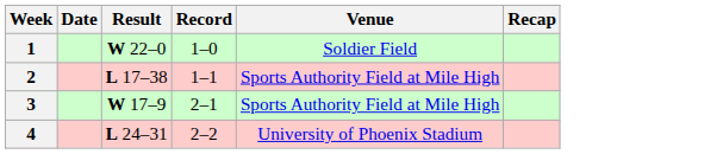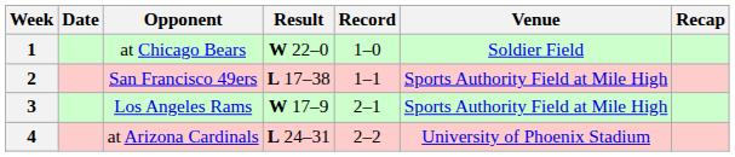 <table class="wikitable" style="text-align:center">
 <tr>
 <th>Week</th>
 <th>Date</th>
+<th>Opponent</th>
 <th>Result</th>
 <th>Record</th>
 <th>Venue</th>
 <th>Recap</th>
 </tr>
 <tr style="background:#cfc">
 <th>1</th>
 <td></td>
+<td>at <a href='#'>Chicago Bears</a></td>
 <td><strong>W</strong> 22–0</td>
 <td>1–0</td>
 <td><a href='#'>Soldier Field</a></td>
 <td></td>
 </tr>
 <tr style="background:#fcc">
 <th>2</th>
 <td></td>
+<td><a href='#'>San Francisco 49ers</a></td>
 <td><strong>L</strong> 17–38</td>
 <td>1–1</td>
 <td><a href='#'>Sports Authority Field at Mile High</a></td>
 <td></td>
 </tr>
 <tr style="background:#cfc">
 <th>3</th>
 <td></td>
+<td><a href='#'>Los Angeles Rams</a></td>
 <td><strong>W</strong> 17–9</td>
 <td>2–1</td>
 <td><a href='#'>Sports Authority Field at Mile High</a></td>
 <td></td>
 </tr>
 <tr style="background:#fcc">
 <th>4</th>
 <td></td>
+<td>at <a href='#'>Arizona Cardinals</a></td>
 <td><strong>L</strong> 24–31</td>
 <td>2–2</td>
 <td><a href='#'>University of Phoenix Stadium</a></td>
 <td></td>
 </tr>
 </table>
